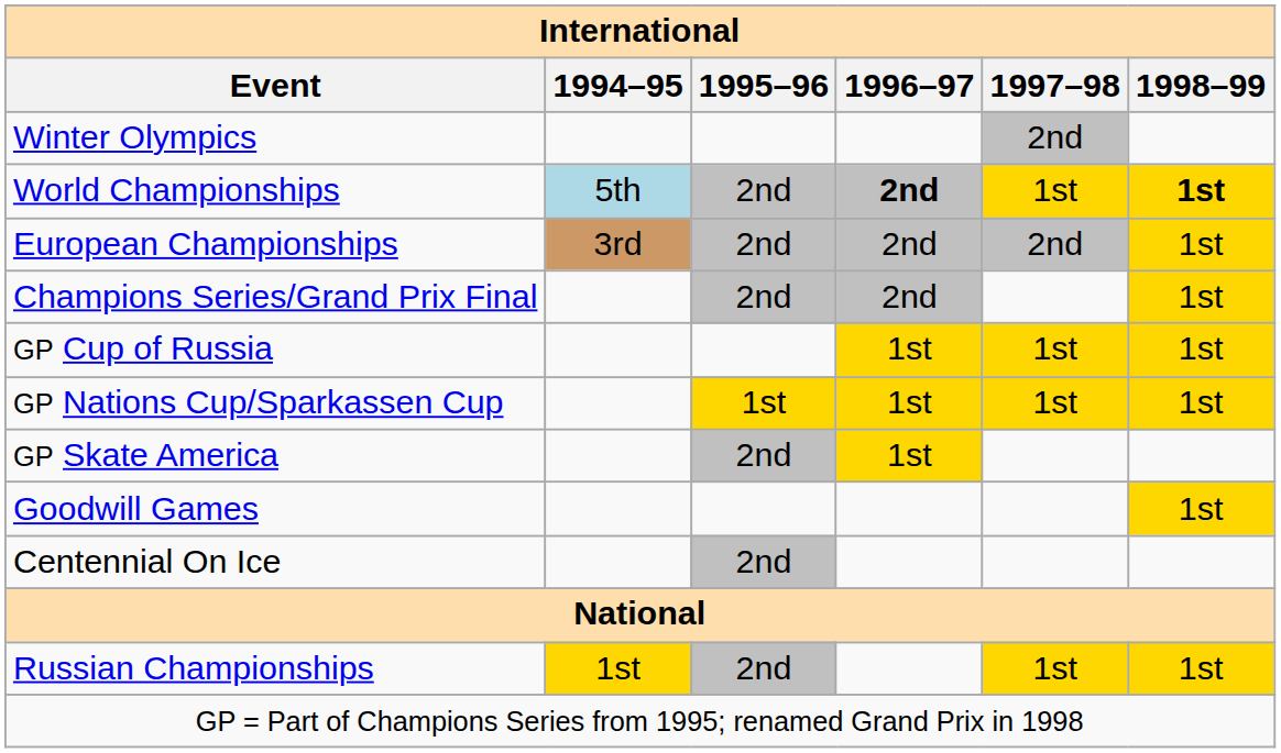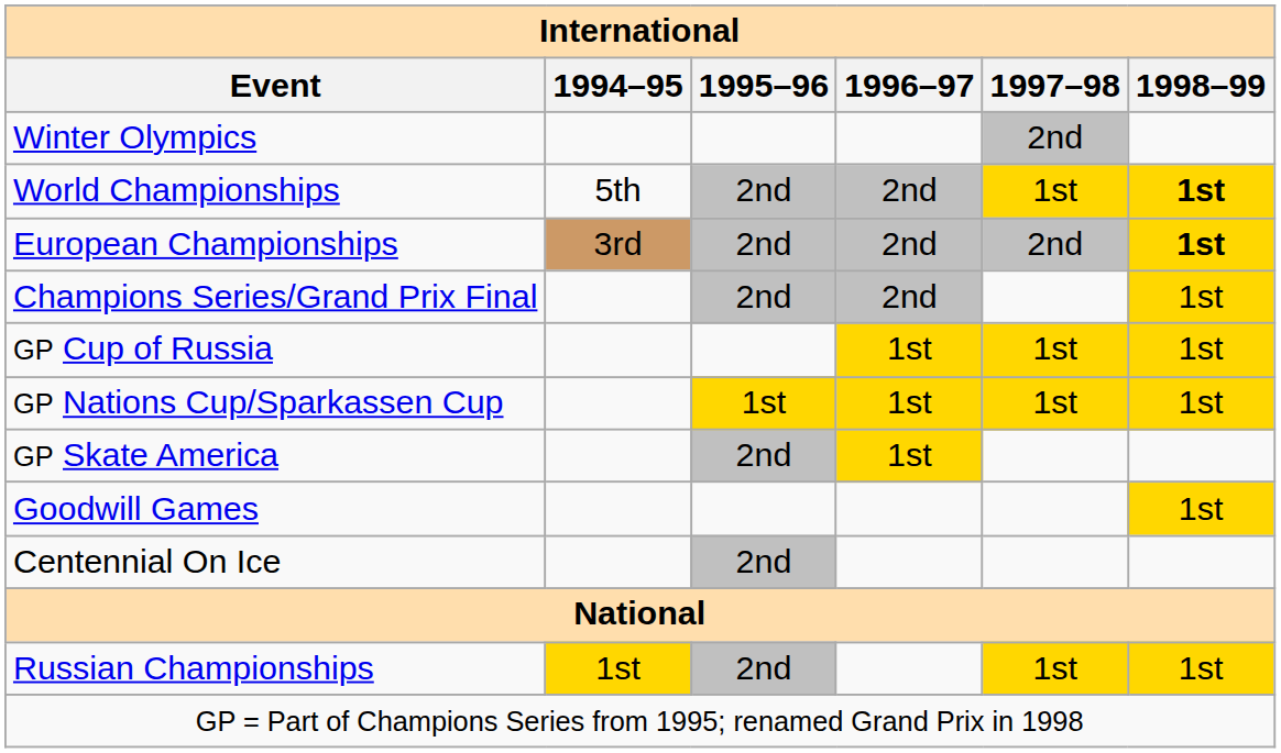 <table class="wikitable" style="text-align:center">
 <tr>
 <th style="background-color: #ffdead; " colspan=6 align=center>International</th>
 </tr>
 <tr>
 <th>Event</th>
 <th>1994–95</th>
 <th>1995–96</th>
 <th>1996–97</th>
 <th>1997–98</th>
 <th>1998–99</th>
 </tr>
 <tr>
 <td align=left><a href='#'>Winter Olympics</a></td>
 <td></td>
 <td></td>
 <td></td>
 <td bgcolor=silver>2nd</td>
 <td></td>
 </tr>
 <tr>
 <td align=left><a href='#'>World Championships</a></td>
-<td style="background: lightblue;">5th</td>
+<td>5th</td>
 <td bgcolor=silver>2nd</td>
-<td bgcolor=silver><strong>2nd</strong></td>
+<td bgcolor=silver>2nd</td>
 <td bgcolor=gold>1st</td>
 <td bgcolor=gold><strong>1st</strong></td>
 </tr>
 <tr>
 <td align=left><a href='#'>European Championships</a></td>
 <td bgcolor=cc9966>3rd</td>
 <td bgcolor=silver>2nd</td>
 <td bgcolor=silver>2nd</td>
 <td bgcolor=silver>2nd</td>
-<td bgcolor=gold>1st</td>
+<td bgcolor=gold><strong>1st</strong></td>
 </tr>
 <tr>
 <td align=left><a href='#'>Champions Series/Grand Prix Final</a></td>
 <td></td>
 <td bgcolor=silver>2nd</td>
 <td bgcolor=silver>2nd</td>
 <td></td>
 <td bgcolor=gold>1st</td>
 </tr>
 <tr>
 <td align=left><small>GP</small> <a href='#'>Cup of Russia</a></td>
 <td></td>
 <td></td>
 <td bgcolor=gold>1st</td>
 <td bgcolor=gold>1st</td>
 <td bgcolor=gold>1st</td>
 </tr>
 <tr>
 <td align=left><small>GP</small> <a href='#'>Nations Cup/Sparkassen Cup</a></td>
 <td></td>
 <td bgcolor=gold>1st</td>
 <td bgcolor=gold>1st</td>
 <td bgcolor=gold>1st</td>
 <td bgcolor=gold>1st</td>
 </tr>
 <tr>
 <td align=left><small>GP</small> <a href='#'>Skate America</a></td>
 <td></td>
 <td bgcolor=silver>2nd</td>
 <td bgcolor=gold>1st</td>
 <td></td>
 <td></td>
 </tr>
 <tr>
 <td align=left><a href='#'>Goodwill Games</a></td>
 <td></td>
 <td></td>
 <td></td>
 <td></td>
 <td bgcolor=gold>1st</td>
 </tr>
 <tr>
 <td align=left>Centennial On Ice</td>
 <td></td>
 <td bgcolor=silver>2nd</td>
 <td></td>
 <td></td>
 <td></td>
 </tr>
 <tr>
 <th style="background-color: #ffdead; " colspan=6 align=center>National</th>
 </tr>
 <tr>
 <td align=left><a href='#'>Russian Championships</a></td>
 <td bgcolor=gold>1st</td>
 <td bgcolor=silver>2nd</td>
 <td></td>
 <td bgcolor=gold>1st</td>
 <td bgcolor=gold>1st</td>
 </tr>
 <tr>
 <td colspan=6 align=center><small> GP = Part of Champions Series from 1995; renamed Grand Prix in 1998 </small></td>
 </tr>
 </table>
